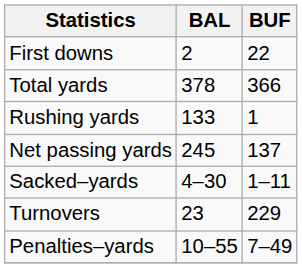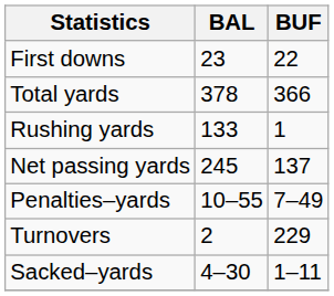 <table class="wikitable" style="float: left;">
 <tr>
 <th>Statistics</th>
 <th>BAL</th>
 <th>BUF</th>
 </tr>
 <tr>
 <td>First downs</td>
-<td>2</td>
+<td>23</td>
 <td>22</td>
 </tr>
 <tr>
 <td>Total yards</td>
 <td>378</td>
 <td>366</td>
 </tr>
 <tr>
 <td>Rushing yards</td>
 <td>133</td>
 <td>1</td>
 </tr>
 <tr>
 <td>Net passing yards</td>
 <td>245</td>
 <td>137</td>
 </tr>
 <tr>
+<td>Penalties–yards</td>
+<td>10–55</td>
+<td>7–49</td>
+</tr>
+<tr>
+<td>Turnovers</td>
+<td>2</td>
+<td>229</td>
+</tr>
+<tr>
 <td>Sacked–yards</td>
 <td>4–30</td>
 <td>1–11</td>
 </tr>
 <tr>
-<td>Turnovers</td>
-<td>23</td>
-<td>229</td>
-</tr>
-<tr>
-<td>Penalties–yards</td>
-<td>10–55</td>
-<td>7–49</td>
-</tr>
-<tr>
 </tr>
 </table>
